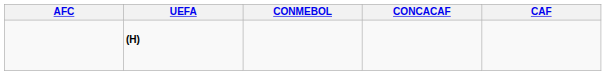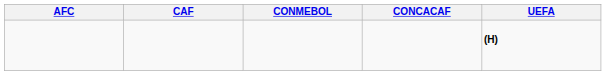 <table class=wikitable width=75%>
 <tr>
 <th width=20%><a href='#'>AFC</a></th>
-<th width="20%"><a href='#'>UEFA</a></th>
+<th width=20%><a href='#'>CAF</a></th>
 <th width=20%><a href='#'>CONMEBOL</a></th>
 <th width=20%><a href='#'>CONCACAF</a></th>
-<th width=20%><a href='#'>CAF</a></th>
+<th width="20%"><a href='#'>UEFA</a></th>
 </tr>
 <tr valign=top>
 <td><br></td>
-<td><br> <strong>(H)</strong><br><br><br></td>
+<td></td>
 <td><br><br></td>
 <td></td>
-<td></td>
+<td><br> <strong>(H)</strong><br><br><br></td>
 </tr>
 </table>
